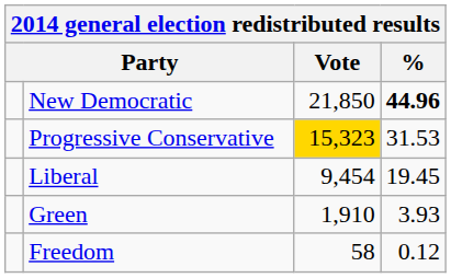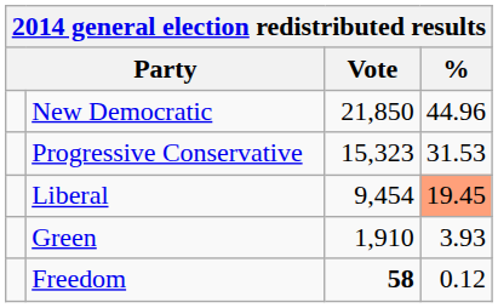 <table class="wikitable">
 <tr>
 <th colspan="4"><a href='#'>2014 general election</a> redistributed results</th>
 </tr>
 <tr>
 <th bgcolor="#DDDDFF" width="130px" colspan="2">Party</th>
 <th bgcolor="#DDDDFF" width="50px">Vote</th>
 <th bgcolor="#DDDDFF" width="30px">%</th>
 </tr>
 <tr>
 <td> </td>
 <td><a href='#'>New Democratic</a></td>
 <td align=right>21,850</td>
-<td align=right><strong>44.96</strong></td>
+<td align=right>44.96</td>
 </tr>
 <tr>
 <td> </td>
 <td><a href='#'>Progressive Conservative</a></td>
-<td align=right style="background: gold;">15,323</td>
+<td align=right>15,323</td>
 <td align=right>31.53</td>
 </tr>
 <tr>
 <td> </td>
 <td><a href='#'>Liberal</a></td>
 <td align=right>9,454</td>
-<td align=right>19.45</td>
+<td align=right style="background: lightsalmon;">19.45</td>
 </tr>
 <tr>
 <td> </td>
 <td><a href='#'>Green</a></td>
 <td align=right>1,910</td>
 <td align=right>3.93</td>
 </tr>
 <tr>
 <td> </td>
 <td><a href='#'>Freedom</a></td>
-<td align=right>58</td>
+<td align=right><strong>58</strong></td>
 <td align=right>0.12</td>
 </tr>
 </table>
